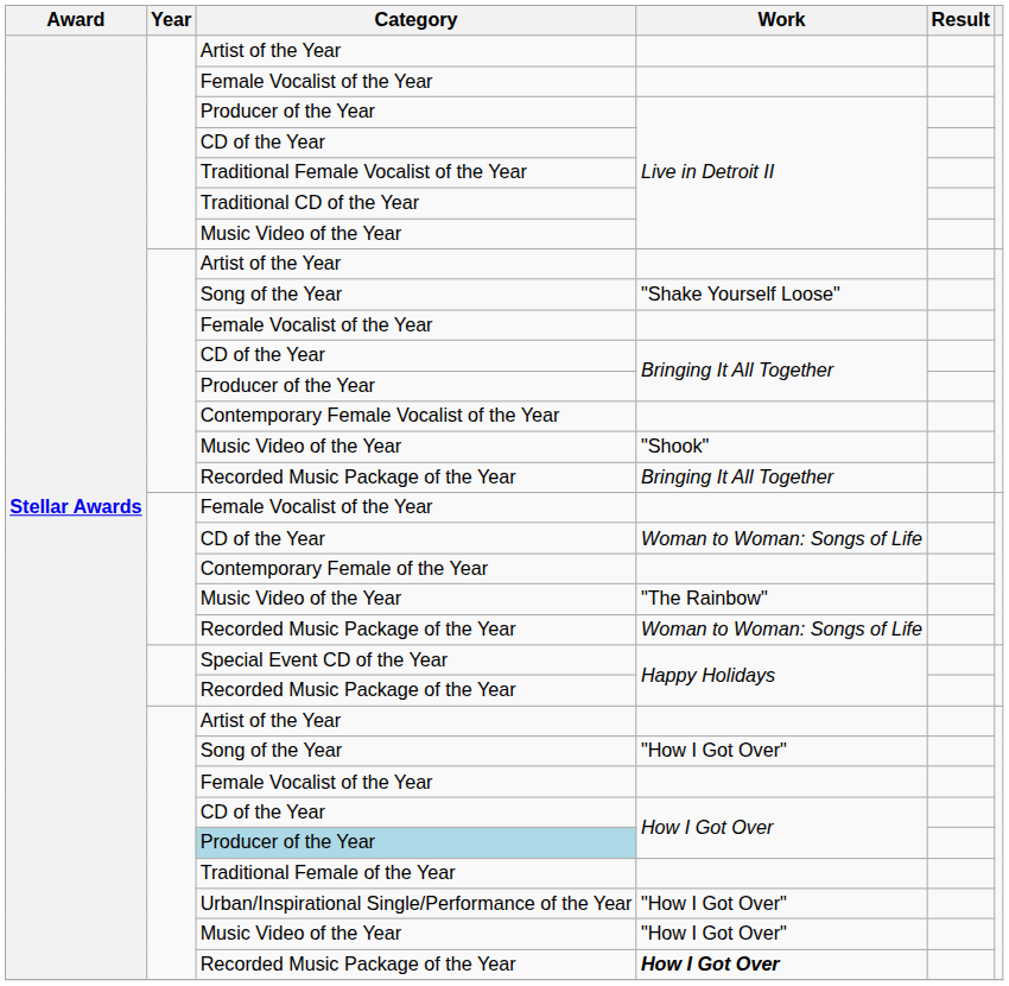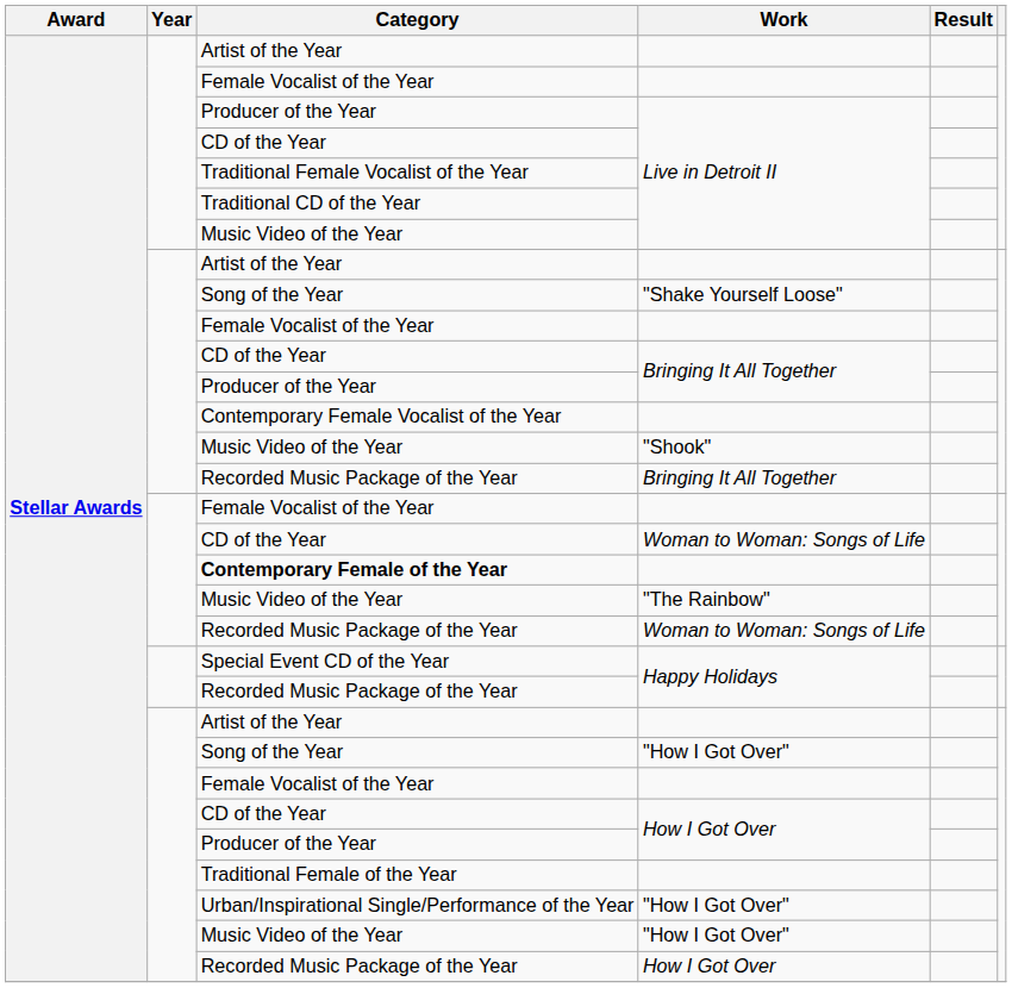 <table class="wikitable sortable plainrowheaders">
 <tr>
 <th scope="col">Award</th>
 <th scope="col">Year</th>
 <th scope="col">Category</th>
 <th scope="col">Work</th>
 <th scope="col">Result</th>
 <th scope="col" class="unsortable"></th>
 </tr>
 <tr>
 <th scope="row" rowspan="31"><a href='#'>Stellar Awards</a></th>
 <td rowspan="7"></td>
 <td>Artist of the Year</td>
 <td></td>
 <td></td>
 <td rowspan="7"></td>
 </tr>
 <tr>
 <td>Female Vocalist of the Year</td>
 <td></td>
 <td></td>
 </tr>
 <tr>
 <td>Producer of the Year</td>
 <td rowspan="5"><em>Live in Detroit II</em></td>
 <td></td>
 </tr>
 <tr>
 <td>CD of the Year</td>
 <td></td>
 </tr>
 <tr>
 <td>Traditional Female Vocalist of the Year</td>
 <td></td>
 </tr>
 <tr>
 <td>Traditional CD of the Year</td>
 <td></td>
 </tr>
 <tr>
 <td>Music Video of the Year</td>
 <td></td>
 </tr>
 <tr>
 <td rowspan="8"></td>
 <td>Artist of the Year</td>
 <td></td>
 <td></td>
 <td rowspan="8"></td>
 </tr>
 <tr>
 <td>Song of the Year</td>
 <td>"Shake Yourself Loose"</td>
 <td></td>
 </tr>
 <tr>
 <td>Female Vocalist of the Year</td>
 <td></td>
 <td></td>
 </tr>
 <tr>
 <td>CD of the Year</td>
 <td rowspan="2"><em>Bringing It All Together</em></td>
 <td></td>
 </tr>
 <tr>
 <td>Producer of the Year</td>
 <td></td>
 </tr>
 <tr>
 <td>Contemporary Female Vocalist of the Year</td>
 <td></td>
 <td></td>
 </tr>
 <tr>
 <td>Music Video of the Year</td>
 <td>"Shook"</td>
 <td></td>
 </tr>
 <tr>
 <td>Recorded Music Package of the Year</td>
 <td><em>Bringing It All Together</em></td>
 <td></td>
 </tr>
 <tr>
 <td rowspan="5"></td>
 <td>Female Vocalist of the Year</td>
 <td></td>
 <td></td>
 <td rowspan="5"></td>
 </tr>
 <tr>
 <td>CD of the Year</td>
 <td><em>Woman to Woman: Songs of Life</em></td>
 <td></td>
 </tr>
 <tr>
-<td>Contemporary Female of the Year</td>
+<td><strong>Contemporary Female of the Year</strong></td>
 <td></td>
 <td></td>
 </tr>
 <tr>
 <td>Music Video of the Year</td>
 <td>"The Rainbow"</td>
 <td></td>
 </tr>
 <tr>
 <td>Recorded Music Package of the Year</td>
 <td><em>Woman to Woman: Songs of Life</em></td>
 <td></td>
 </tr>
 <tr>
 <td rowspan="2"></td>
 <td>Special Event CD of the Year</td>
 <td rowspan="2"><em>Happy Holidays</em></td>
 <td></td>
 <td rowspan="2"></td>
 </tr>
 <tr>
 <td>Recorded Music Package of the Year</td>
 <td></td>
 </tr>
 <tr>
 <td rowspan="9"></td>
 <td>Artist of the Year</td>
 <td></td>
 <td></td>
 <td rowspan="9"></td>
 </tr>
 <tr>
 <td>Song of the Year</td>
 <td>"How I Got Over"</td>
 <td></td>
 </tr>
 <tr>
 <td>Female Vocalist of the Year</td>
 <td></td>
 <td></td>
 </tr>
 <tr>
 <td>CD of the Year</td>
 <td rowspan="2"><em>How I Got Over</em></td>
 <td></td>
 </tr>
 <tr>
-<td style="background: lightblue;">Producer of the Year</td>
+<td>Producer of the Year</td>
 <td></td>
 </tr>
 <tr>
 <td>Traditional Female of the Year</td>
 <td></td>
 <td></td>
 </tr>
 <tr>
 <td>Urban/Inspirational Single/Performance of the Year</td>
 <td>"How I Got Over"</td>
 <td></td>
 </tr>
 <tr>
 <td>Music Video of the Year</td>
 <td>"How I Got Over"</td>
 <td></td>
 </tr>
 <tr>
 <td>Recorded Music Package of the Year</td>
-<td><strong><em>How I Got Over</em></strong></td>
+<td><em>How I Got Over</em></td>
 <td></td>
 </tr>
 <tr>
 </tr>
 </table>
